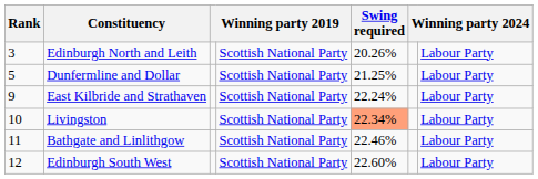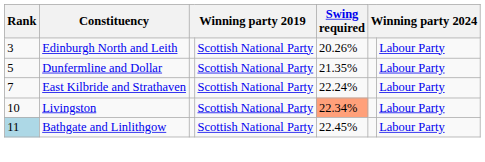 <table class="wikitable sortable">
 <tr>
 <th>Rank</th>
 <th>Constituency</th>
 <th colspan="2">Winning party 2019</th>
 <th><a href='#'>Swing</a><br>required</th>
 <th colspan="2">Winning party 2024</th>
 </tr>
 <tr>
 <td>3</td>
 <td><a href='#'>Edinburgh North and Leith</a></td>
 <td class="unsortable" style="background-color: "></td>
 <td><a href='#'>Scottish National Party</a></td>
 <td>20.26%</td>
 <td class="unsortable" style="background-color: "></td>
 <td><a href='#'>Labour Party</a></td>
 </tr>
 <tr>
 <td>5</td>
 <td><a href='#'>Dunfermline and Dollar</a></td>
 <td class="unsortable" style="background-color: "></td>
 <td><a href='#'>Scottish National Party</a></td>
-<td>21.25%</td>
+<td>21.35%</td>
 <td class="unsortable" style="background-color: "></td>
 <td><a href='#'>Labour Party</a></td>
 </tr>
 <tr>
-<td>9</td>
+<td>7</td>
 <td><a href='#'>East Kilbride and Strathaven</a></td>
 <td class="unsortable" style="background-color: "></td>
 <td><a href='#'>Scottish National Party</a></td>
 <td>22.24%</td>
 <td class="unsortable" style="background-color: "></td>
 <td><a href='#'>Labour Party</a></td>
 </tr>
 <tr>
 <td>10</td>
 <td><a href='#'>Livingston</a></td>
 <td class="unsortable" style="background-color: "></td>
 <td><a href='#'>Scottish National Party</a></td>
 <td style="background: lightsalmon;">22.34%</td>
 <td class="unsortable" style="background-color: "></td>
 <td><a href='#'>Labour Party</a></td>
 </tr>
 <tr>
-<td>11</td>
+<td style="background: lightblue;">11</td>
 <td><a href='#'>Bathgate and Linlithgow</a></td>
 <td class="unsortable" style="background-color: "></td>
 <td><a href='#'>Scottish National Party</a></td>
-<td>22.46%</td>
-<td class="unsortable" style="background-color: "></td>
-<td><a href='#'>Labour Party</a></td>
-</tr>
-<tr>
-<td>12</td>
-<td><a href='#'>Edinburgh South West</a></td>
-<td class="unsortable" style="background-color: "></td>
-<td><a href='#'>Scottish National Party</a></td>
-<td>22.60%</td>
+<td>22.45%</td>
 <td class="unsortable" style="background-color: "></td>
 <td><a href='#'>Labour Party</a></td>
 </tr>
 </table>
